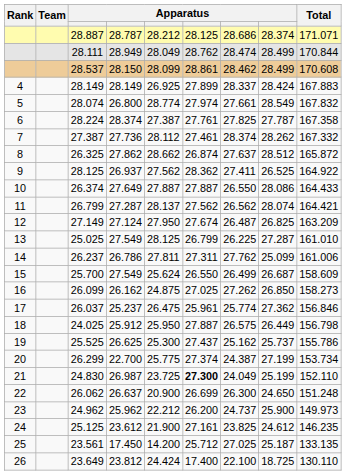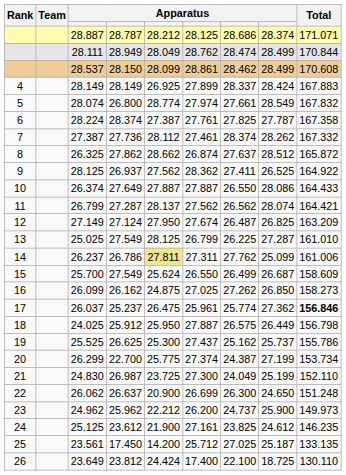 <table class="wikitable" style="font-size:90%">
 <tr>
 <th rowspan=2>Rank</th>
 <th rowspan=2>Team</th>
 <th colspan =6>Apparatus</th>
 <th rowspan=2>Total</th>
 </tr>
 <tr style="font-size:95%">
 <th></th>
 <th></th>
 <th></th>
 <th></th>
 <th></th>
 <th></th>
 </tr>
 <tr bgcolor=fffcaf align=center>
 <td></td>
 <td align=left></td>
 <td>28.887</td>
 <td>28.787</td>
 <td>28.212</td>
 <td>28.125</td>
 <td>28.686</td>
 <td>28.374</td>
 <td>171.071</td>
 </tr>
 <tr bgcolor=e5e5e5 align=center>
 <td></td>
 <td align=left></td>
 <td>28.111</td>
 <td>28.949</td>
 <td>28.049</td>
 <td>28.762</td>
 <td>28.474</td>
 <td>28.499</td>
 <td>170.844</td>
 </tr>
 <tr bgcolor=eecc99 align=center>
 <td></td>
 <td align=left></td>
 <td>28.537</td>
 <td>28.150</td>
 <td>28.099</td>
 <td>28.861</td>
 <td>28.462</td>
 <td>28.499</td>
 <td>170.608</td>
 </tr>
 <tr align=center>
 <td>4</td>
 <td align=left></td>
 <td>28.149</td>
 <td>28.149</td>
 <td>26.925</td>
 <td>27.899</td>
 <td>28.337</td>
 <td>28.424</td>
 <td>167.883</td>
 </tr>
 <tr align=center>
 <td>5</td>
 <td align=left></td>
 <td>28.074</td>
 <td>26.800</td>
 <td>28.774</td>
 <td>27.974</td>
 <td>27.661</td>
 <td>28.549</td>
 <td>167.832</td>
 </tr>
 <tr align=center>
 <td>6</td>
 <td align=left></td>
 <td>28.224</td>
 <td>28.374</td>
 <td>27.387</td>
 <td>27.761</td>
 <td>27.825</td>
 <td>27.787</td>
 <td>167.358</td>
 </tr>
 <tr align=center>
 <td>7</td>
 <td align=left></td>
 <td>27.387</td>
 <td>27.736</td>
 <td>28.112</td>
 <td>27.461</td>
 <td>28.374</td>
 <td>28.262</td>
 <td>167.332</td>
 </tr>
 <tr align=center>
 <td>8</td>
 <td align=left></td>
 <td>26.325</td>
 <td>27.862</td>
 <td>28.662</td>
 <td>26.874</td>
 <td>27.637</td>
 <td>28.512</td>
 <td>165.872</td>
 </tr>
 <tr align=center>
 <td>9</td>
 <td align=left></td>
 <td>28.125</td>
 <td>26.937</td>
 <td>27.562</td>
 <td>28.362</td>
 <td>27.411</td>
 <td>26.525</td>
 <td>164.922</td>
 </tr>
 <tr align=center>
 <td>10</td>
 <td align=left></td>
 <td>26.374</td>
 <td>27.649</td>
 <td>27.887</td>
 <td>27.887</td>
 <td>26.550</td>
 <td>28.086</td>
 <td>164.433</td>
 </tr>
 <tr align=center>
 <td>11</td>
 <td align=left></td>
 <td>26.799</td>
 <td>27.287</td>
 <td>28.137</td>
 <td>27.562</td>
 <td>26.562</td>
 <td>28.074</td>
 <td>164.421</td>
 </tr>
 <tr align=center>
 <td>12</td>
 <td align=left></td>
 <td>27.149</td>
 <td>27.124</td>
 <td>27.950</td>
 <td>27.674</td>
 <td>26.487</td>
 <td>26.825</td>
 <td>163.209</td>
 </tr>
 <tr align=center>
 <td>13</td>
 <td align=left></td>
 <td>25.025</td>
 <td>27.549</td>
 <td>28.125</td>
 <td>26.799</td>
 <td>26.225</td>
 <td>27.287</td>
 <td>161.010</td>
 </tr>
 <tr align=center>
 <td>14</td>
 <td align=left></td>
 <td>26.237</td>
 <td>26.786</td>
-<td>27.811</td>
+<td style="background: khaki;">27.811</td>
 <td>27.311</td>
 <td>27.762</td>
 <td>25.099</td>
 <td>161.006</td>
 </tr>
 <tr align=center>
 <td>15</td>
 <td align=left></td>
 <td>25.700</td>
 <td>27.549</td>
 <td>25.624</td>
 <td>26.550</td>
 <td>26.499</td>
 <td>26.687</td>
 <td>158.609</td>
 </tr>
 <tr align=center>
 <td>16</td>
 <td align=left></td>
 <td>26.099</td>
 <td>26.162</td>
 <td>24.875</td>
 <td>27.025</td>
 <td>27.262</td>
 <td>26.850</td>
 <td>158.273</td>
 </tr>
 <tr align=center>
 <td>17</td>
 <td align=left></td>
 <td>26.037</td>
 <td>25.237</td>
 <td>26.475</td>
 <td>25.961</td>
 <td>25.774</td>
 <td>27.362</td>
-<td>156.846</td>
+<td><strong>156.846</strong></td>
 </tr>
 <tr align=center>
 <td>18</td>
 <td align=left></td>
 <td>24.025</td>
 <td>25.912</td>
 <td>25.950</td>
 <td>27.887</td>
 <td>26.575</td>
 <td>26.449</td>
 <td>156.798</td>
 </tr>
 <tr align=center>
 <td>19</td>
 <td align=left></td>
 <td>25.525</td>
 <td>26.625</td>
 <td>25.300</td>
 <td>27.437</td>
 <td>25.162</td>
 <td>25.737</td>
 <td>155.786</td>
 </tr>
 <tr align=center>
 <td>20</td>
 <td align=left></td>
 <td>26.299</td>
 <td>22.700</td>
 <td>25.775</td>
 <td>27.374</td>
 <td>24.387</td>
 <td>27.199</td>
 <td>153.734</td>
 </tr>
 <tr align=center>
 <td>21</td>
 <td align=left></td>
 <td>24.830</td>
 <td>26.987</td>
 <td>23.725</td>
-<td><strong>27.300</strong></td>
+<td>27.300</td>
 <td>24.049</td>
 <td>25.199</td>
 <td>152.110</td>
 </tr>
 <tr align=center>
 <td>22</td>
 <td align=left></td>
 <td>26.062</td>
 <td>26.637</td>
 <td>20.900</td>
 <td>26.699</td>
 <td>26.300</td>
 <td>24.650</td>
 <td>151.248</td>
 </tr>
 <tr align=center>
 <td>23</td>
 <td align=left></td>
 <td>24.962</td>
 <td>25.962</td>
 <td>22.212</td>
 <td>26.200</td>
 <td>24.737</td>
 <td>25.900</td>
 <td>149.973</td>
 </tr>
 <tr align=center>
 <td>24</td>
 <td align=left></td>
 <td>25.125</td>
 <td>23.612</td>
 <td>21.900</td>
 <td>27.161</td>
 <td>23.825</td>
 <td>24.612</td>
 <td>146.235</td>
 </tr>
 <tr align=center>
 <td>25</td>
 <td align=left></td>
 <td>23.561</td>
 <td>17.450</td>
 <td>14.200</td>
 <td>25.712</td>
 <td>27.025</td>
 <td>25.187</td>
 <td>133.135</td>
 </tr>
 <tr align=center>
 <td>26</td>
 <td align=left></td>
 <td>23.649</td>
 <td>23.812</td>
 <td>24.424</td>
 <td>17.400</td>
 <td>22.100</td>
 <td>18.725</td>
 <td>130.110</td>
 </tr>
 </table>
